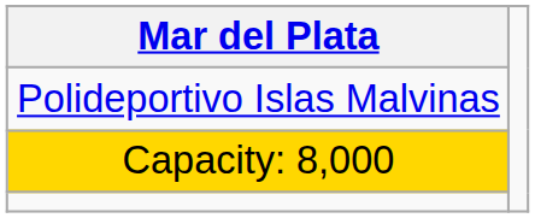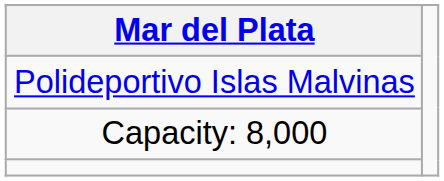 <table class="wikitable" style="margin:1em auto; text-align:center">
 <tr>
 <th><a href='#'>Mar del Plata</a></th>
 <td rowspan=4></td>
 </tr>
 <tr>
 <td><a href='#'>Polideportivo Islas Malvinas</a></td>
 </tr>
 <tr>
-<td style="background: gold;">Capacity: 8,000</td>
+<td>Capacity: 8,000</td>
 </tr>
 <tr>
 <td></td>
 </tr>
 </table>
